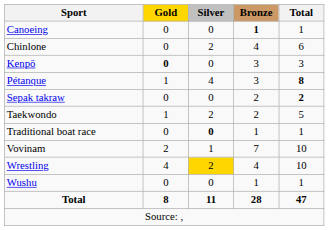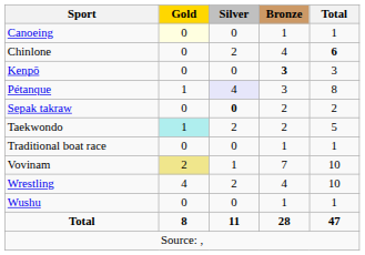 <table class="wikitable" style="text-align:center;">
 <tr>
 <th width=200>Sport</th>
 <td bgcolor=gold width=60><strong>Gold</strong></td>
 <td bgcolor=silver width=60><strong>Silver</strong></td>
 <td bgcolor=#cc9966 width=60><strong>Bronze</strong></td>
 <th width=60>Total</th>
 </tr>
 <tr>
 <td align=left><a href='#'>Canoeing</a></td>
+<td style="background: lightyellow;">0</td>
 <td>0</td>
-<td>0</td>
-<td><strong>1</strong></td>
+<td>1</td>
 <td>1</td>
 </tr>
 <tr>
 <td align=left>Chinlone</td>
 <td>0</td>
 <td>2</td>
 <td>4</td>
-<td>6</td>
+<td><strong>6</strong></td>
 </tr>
 <tr>
 <td align=left><a href='#'>Kenpō</a></td>
-<td><strong>0</strong></td>
 <td>0</td>
-<td>3</td>
+<td>0</td>
+<td><strong>3</strong></td>
 <td>3</td>
 </tr>
 <tr>
 <td align=left><a href='#'>Pétanque</a></td>
 <td>1</td>
-<td>4</td>
+<td style="background: lavender;">4</td>
 <td>3</td>
-<td><strong>8</strong></td>
+<td>8</td>
 </tr>
 <tr>
 <td align=left><a href='#'>Sepak takraw</a></td>
 <td>0</td>
-<td>0</td>
+<td><strong>0</strong></td>
 <td>2</td>
-<td><strong>2</strong></td>
+<td>2</td>
 </tr>
 <tr>
 <td align=left>Taekwondo</td>
-<td>1</td>
+<td style="background: paleturquoise;">1</td>
 <td>2</td>
 <td>2</td>
 <td>5</td>
 </tr>
 <tr>
 <td align=left>Traditional boat race</td>
 <td>0</td>
-<td><strong>0</strong></td>
+<td>0</td>
 <td>1</td>
 <td>1</td>
 </tr>
 <tr>
 <td align=left>Vovinam</td>
-<td>2</td>
+<td style="background: khaki;">2</td>
 <td>1</td>
 <td>7</td>
 <td>10</td>
 </tr>
 <tr>
 <td align=left><a href='#'>Wrestling</a></td>
 <td>4</td>
-<td style="background: gold;">2</td>
+<td>2</td>
 <td>4</td>
 <td>10</td>
 </tr>
 <tr>
 <td align=left><a href='#'>Wushu</a></td>
 <td>0</td>
 <td>0</td>
 <td>1</td>
 <td>1</td>
 </tr>
 <tr class="sortbottom">
 <td align=center><strong>Total</strong></td>
 <td><strong>8</strong></td>
 <td><strong>11</strong></td>
 <td><strong>28</strong></td>
 <td><strong>47</strong></td>
 </tr>
 <tr>
 <td colspan="5">Source: , </td>
 </tr>
 </table>
